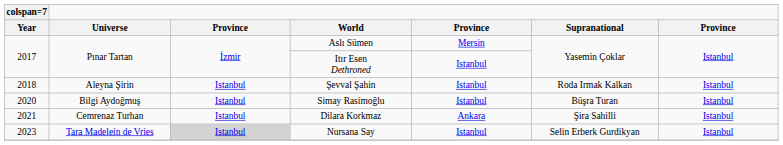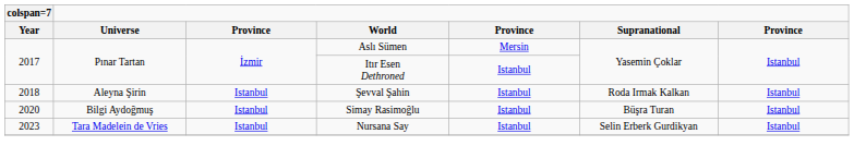 <table class="wikitable sortable" style="font-size: 95%; text-align:center">
 <tr>
 <th>colspan=7 </th>
 </tr>
 <tr>
 <th width="60">Year</th>
 <th width="250">Universe</th>
 <th width="250">Province</th>
 <th width="250">World</th>
 <th width="250">Province</th>
 <th width="250">Supranational</th>
 <th width="250">Province</th>
 </tr>
 <tr>
 <td rowspan=2>2017</td>
 <td rowspan=2>Pınar Tartan</td>
 <td rowspan=2><a href='#'>İzmir</a></td>
 <td>Aslı Sümen</td>
 <td><a href='#'>Mersin</a></td>
 <td rowspan=2>Yasemin Çoklar</td>
 <td rowspan=2><a href='#'>Istanbul</a></td>
 </tr>
 <tr>
 <td>Itır Esen<br><em>Dethroned</em></td>
 <td><a href='#'>Istanbul</a></td>
 </tr>
 <tr>
 <td>2018</td>
 <td>Aleyna Şirin</td>
 <td><a href='#'>Istanbul</a></td>
 <td>Şevval Şahin</td>
 <td><a href='#'>Istanbul</a></td>
 <td>Roda Irmak Kalkan</td>
 <td><a href='#'>Istanbul</a></td>
 </tr>
 <tr>
 <td>2020</td>
 <td>Bilgi Aydoğmuş</td>
 <td><a href='#'>Istanbul</a></td>
 <td>Simay Rasimoğlu</td>
 <td><a href='#'>Istanbul</a></td>
 <td>Büşra Turan</td>
 <td><a href='#'>Istanbul</a></td>
 </tr>
 <tr>
-<td>2021</td>
-<td>Cemrenaz Turhan</td>
-<td><a href='#'>Istanbul</a></td>
-<td>Dilara Korkmaz</td>
-<td><a href='#'>Ankara</a></td>
-<td>Şira Sahilli</td>
-<td><a href='#'>Istanbul</a></td>
-</tr>
-<tr>
 <td>2023</td>
 <td><a href='#'>Tara Madelein de Vries</a></td>
-<td style="background: lightgrey;"><a href='#'>Istanbul</a></td>
+<td><a href='#'>Istanbul</a></td>
 <td>Nursana Say</td>
 <td><a href='#'>Istanbul</a></td>
 <td>Selin Erberk Gurdikyan</td>
 <td><a href='#'>Istanbul</a></td>
 </tr>
 <tr>
 </tr>
 </table>
